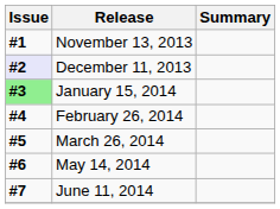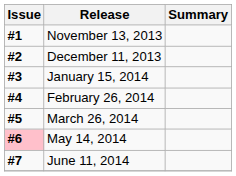 <table class="wikitable">
 <tr>
 <th><strong>Issue</strong></th>
 <th><strong>Release</strong></th>
 <th><strong>Summary</strong></th>
 </tr>
 <tr>
 <td><strong>#1</strong></td>
 <td>November 13, 2013</td>
 <td></td>
 </tr>
 <tr>
-<td style="background: lavender;"><strong>#2</strong></td>
+<td><strong>#2</strong></td>
 <td>December 11, 2013</td>
 <td></td>
 </tr>
 <tr>
-<td style="background: lightgreen;"><strong>#3</strong></td>
+<td><strong>#3</strong></td>
 <td>January 15, 2014</td>
 <td></td>
 </tr>
 <tr>
 <td><strong>#4</strong></td>
 <td>February 26, 2014</td>
 <td></td>
 </tr>
 <tr>
 <td><strong>#5</strong></td>
 <td>March 26, 2014</td>
 <td></td>
 </tr>
 <tr>
-<td><strong>#6</strong></td>
+<td style="background: pink;"><strong>#6</strong></td>
 <td>May 14, 2014</td>
 <td></td>
 </tr>
 <tr>
 <td><strong>#7</strong></td>
 <td>June 11, 2014</td>
 <td></td>
 </tr>
 <tr>
 </tr>
 </table>
